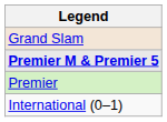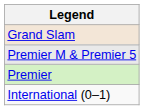 <table class="wikitable" style="font-size:90%;">
 <tr>
 <th>Legend</th>
 </tr>
 <tr>
 <td bgcolor="#f3e6d7"><a href='#'>Grand Slam</a></td>
 </tr>
 <tr>
-<td bgcolor="#e9e9e9"><strong><a href='#'>Premier M & Premier 5</a></strong></td>
+<td bgcolor="#e9e9e9"><a href='#'>Premier M & Premier 5</a></td>
 </tr>
 <tr>
 <td bgcolor="#d4f1c5"><a href='#'>Premier</a></td>
 </tr>
 <tr>
 <td><a href='#'>International</a> (0–1)</td>
 </tr>
 </table>
